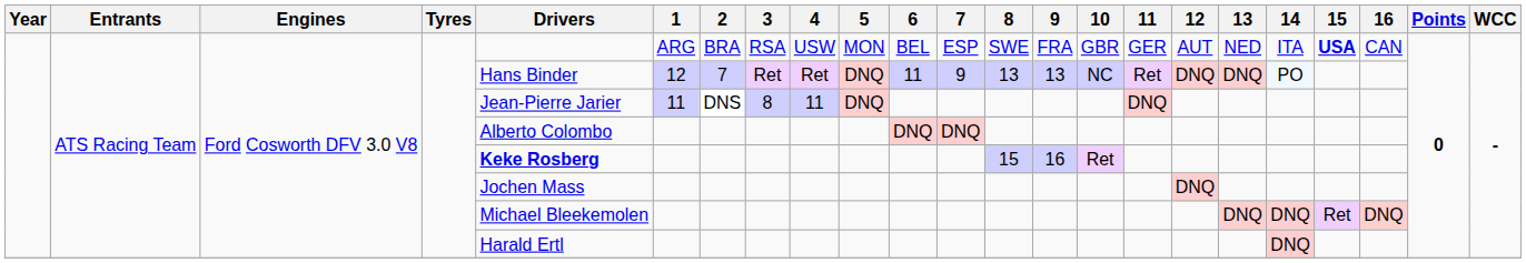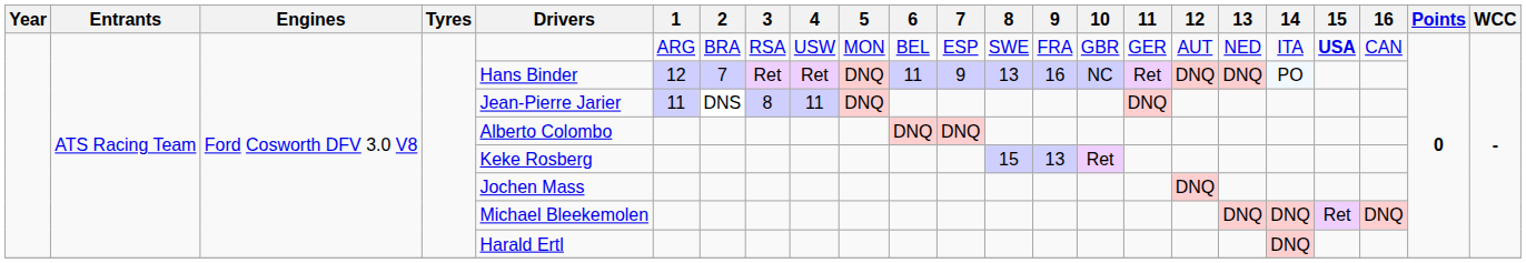 <table class="wikitable" style="text-align:center; font-size:95%">
 <tr>
 <th>Year</th>
 <th>Entrants</th>
 <th>Engines</th>
 <th>Tyres</th>
 <th>Drivers</th>
 <th>1</th>
 <th>2</th>
 <th>3</th>
 <th>4</th>
 <th>5</th>
 <th>6</th>
 <th>7</th>
 <th>8</th>
 <th>9</th>
 <th>10</th>
 <th>11</th>
 <th>12</th>
 <th>13</th>
 <th>14</th>
 <th>15</th>
 <th>16</th>
 <th><a href='#'>Points</a></th>
 <th>WCC</th>
 </tr>
 <tr>
 <td rowspan="8"></td>
 <td rowspan="8"><a href='#'>ATS Racing Team</a></td>
 <td rowspan="8"><a href='#'>Ford</a> <a href='#'>Cosworth DFV</a> 3.0 <a href='#'>V8</a></td>
 <td rowspan="8"></td>
 <td></td>
 <td><a href='#'>ARG</a></td>
 <td><a href='#'>BRA</a></td>
 <td><a href='#'>RSA</a></td>
 <td><a href='#'>USW</a></td>
 <td><a href='#'>MON</a></td>
 <td><a href='#'>BEL</a></td>
 <td><a href='#'>ESP</a></td>
 <td><a href='#'>SWE</a></td>
 <td><a href='#'>FRA</a></td>
 <td><a href='#'>GBR</a></td>
 <td><a href='#'>GER</a></td>
 <td><a href='#'>AUT</a></td>
 <td><a href='#'>NED</a></td>
 <td><a href='#'>ITA</a></td>
 <td><strong><a href='#'>USA</a></strong></td>
 <td><a href='#'>CAN</a></td>
 <td rowspan="8"><strong>0</strong></td>
 <td rowspan="8"><strong>-</strong></td>
 </tr>
 <tr>
 <td align="left"><a href='#'>Hans Binder</a></td>
 <td style="background:#CFCFFF;">12</td>
 <td style="background:#CFCFFF;">7</td>
 <td style="background:#EFCFFF;">Ret</td>
 <td style="background:#EFCFFF;">Ret</td>
 <td style="background:#FFCFCF;">DNQ</td>
 <td style="background:#CFCFFF;">11</td>
 <td style="background:#CFCFFF;">9</td>
 <td style="background:#CFCFFF;">13</td>
-<td style="background:#CFCFFF;">13</td>
+<td style="background:#CFCFFF;">16</td>
 <td style="background:#CFCFFF;">NC</td>
 <td style="background:#EFCFFF;">Ret</td>
 <td style="background:#FFCFCF;">DNQ</td>
 <td style="background:#FFCFCF;">DNQ</td>
 <td style="background:#F1F8FF;">PO</td>
 <td></td>
 <td></td>
 </tr>
 <tr>
 <td align="left"><a href='#'>Jean-Pierre Jarier</a></td>
 <td style="background:#CFCFFF;">11</td>
 <td style="background:#ffffff;">DNS</td>
 <td style="background:#CFCFFF;">8</td>
 <td style="background:#CFCFFF;">11</td>
 <td style="background:#FFCFCF;">DNQ</td>
 <td></td>
 <td></td>
 <td></td>
 <td></td>
 <td></td>
 <td style="background:#FFCFCF;">DNQ</td>
 <td></td>
 <td></td>
 <td></td>
 <td></td>
 <td></td>
 </tr>
 <tr>
 <td align="left"><a href='#'>Alberto Colombo</a></td>
 <td></td>
 <td></td>
 <td></td>
 <td></td>
 <td></td>
 <td style="background:#FFCFCF;">DNQ</td>
 <td style="background:#FFCFCF;">DNQ</td>
 <td></td>
 <td></td>
 <td></td>
 <td></td>
 <td></td>
 <td></td>
 <td></td>
 <td></td>
 <td></td>
 </tr>
 <tr>
-<td align="left"><strong><a href='#'>Keke Rosberg</a></strong></td>
+<td align="left"><a href='#'>Keke Rosberg</a></td>
 <td></td>
 <td></td>
 <td></td>
 <td></td>
 <td></td>
 <td></td>
 <td></td>
 <td style="background:#CFCFFF;">15</td>
-<td style="background:#CFCFFF;">16</td>
+<td style="background:#CFCFFF;">13</td>
 <td style="background:#EFCFFF;">Ret</td>
 <td></td>
 <td></td>
 <td></td>
 <td></td>
 <td></td>
 <td></td>
 </tr>
 <tr>
 <td align="left"><a href='#'>Jochen Mass</a></td>
 <td></td>
 <td></td>
 <td></td>
 <td></td>
 <td></td>
 <td></td>
 <td></td>
 <td></td>
 <td></td>
 <td></td>
 <td></td>
 <td style="background:#FFCFCF;">DNQ</td>
 <td></td>
 <td></td>
 <td></td>
 <td></td>
 </tr>
 <tr>
 <td align="left"><a href='#'>Michael Bleekemolen</a></td>
 <td></td>
 <td></td>
 <td></td>
 <td></td>
 <td></td>
 <td></td>
 <td></td>
 <td></td>
 <td></td>
 <td></td>
 <td></td>
 <td></td>
 <td style="background:#FFCFCF;">DNQ</td>
 <td style="background:#FFCFCF;">DNQ</td>
 <td style="background:#EFCFFF;">Ret</td>
 <td style="background:#FFCFCF;">DNQ</td>
 </tr>
 <tr>
 <td align="left"><a href='#'>Harald Ertl</a></td>
 <td></td>
 <td></td>
 <td></td>
 <td></td>
 <td></td>
 <td></td>
 <td></td>
 <td></td>
 <td></td>
 <td></td>
 <td></td>
 <td></td>
 <td></td>
 <td style="background:#FFCFCF;">DNQ</td>
 <td></td>
 <td></td>
 </tr>
 <tr>
 </tr>
 </table>
